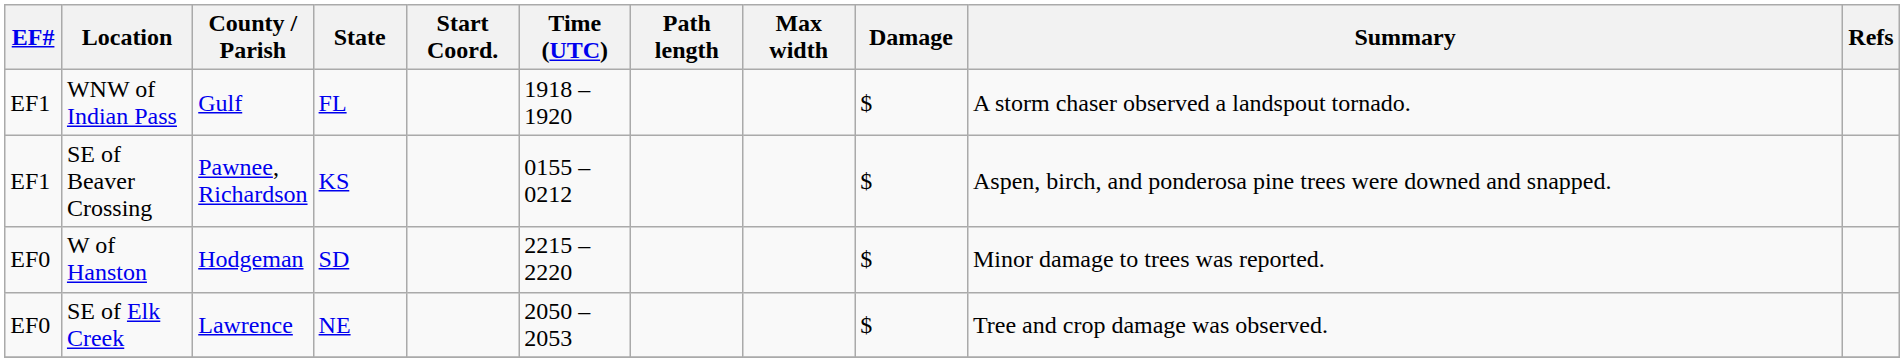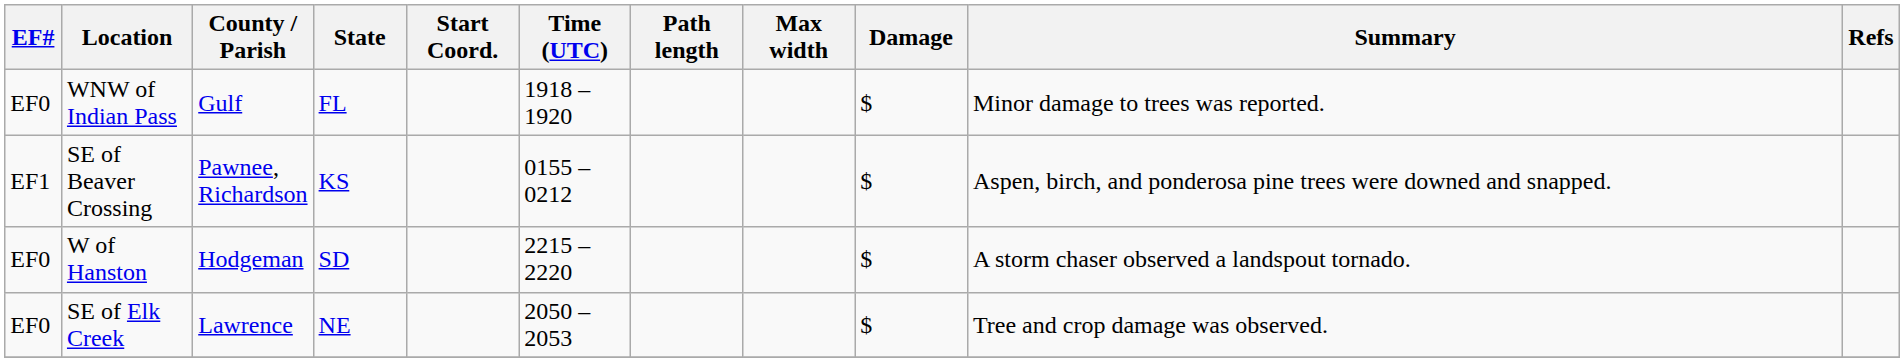 <table class="wikitable sortable" style="width:100%;">
 <tr>
 <th scope="col" width="3%" align="center"><a href='#'>EF#</a></th>
 <th scope="col" width="7%" align="center" class="unsortable">Location</th>
 <th scope="col" width="6%" align="center" class="unsortable">County / Parish</th>
 <th scope="col" width="5%" align="center">State</th>
 <th scope="col" width="6%" align="center">Start Coord.</th>
 <th scope="col" width="6%" align="center">Time (<a href='#'>UTC</a>)</th>
 <th scope="col" width="6%" align="center">Path length</th>
 <th scope="col" width="6%" align="center">Max width</th>
 <th scope="col" width="6%" align="center">Damage</th>
 <th scope="col" width="48%" class="unsortable" align="center">Summary</th>
 <th scope="col" width="48%" class="unsortable" align="center">Refs</th>
 </tr>
 <tr>
-<td>EF1</td>
+<td>EF0</td>
 <td>WNW of <a href='#'>Indian Pass</a></td>
 <td><a href='#'>Gulf</a></td>
 <td><a href='#'>FL</a></td>
 <td></td>
 <td>1918 – 1920</td>
 <td></td>
 <td></td>
 <td>$</td>
-<td>A storm chaser observed a landspout tornado.</td>
+<td>Minor damage to trees was reported.</td>
 <td></td>
 </tr>
 <tr>
 <td>EF1</td>
 <td>SE of Beaver Crossing</td>
 <td><a href='#'>Pawnee</a>, <a href='#'>Richardson</a></td>
 <td><a href='#'>KS</a></td>
 <td></td>
 <td>0155 – 0212</td>
 <td></td>
 <td></td>
 <td>$</td>
 <td>Aspen, birch, and ponderosa pine trees were downed and snapped.</td>
 <td></td>
 </tr>
 <tr>
 <td>EF0</td>
 <td>W of <a href='#'>Hanston</a></td>
 <td><a href='#'>Hodgeman</a></td>
 <td><a href='#'>SD</a></td>
 <td></td>
 <td>2215 – 2220</td>
 <td></td>
 <td></td>
 <td>$</td>
-<td>Minor damage to trees was reported.</td>
+<td>A storm chaser observed a landspout tornado.</td>
 <td></td>
 </tr>
 <tr>
 <td>EF0</td>
 <td>SE of <a href='#'>Elk Creek</a></td>
 <td><a href='#'>Lawrence</a></td>
 <td><a href='#'>NE</a></td>
 <td></td>
 <td>2050 – 2053</td>
 <td></td>
 <td></td>
 <td>$</td>
 <td>Tree and crop damage was observed.</td>
 <td></td>
 </tr>
 <tr>
 </tr>
 </table>
